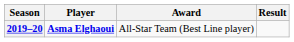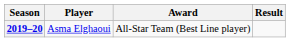 <table class="wikitable" style="text-align: center;">
 <tr>
 <th>Season</th>
 <th class="unsortable">Player</th>
 <th>Award</th>
 <th>Result</th>
 </tr>
 <tr>
 <th rowspan="2"><a href='#'>2019–20</a></th>
-<td style="text-align: left;"><strong>  <a href='#'>Asma Elghaoui</a></strong></td>
+<td style="text-align: left;">  <a href='#'>Asma Elghaoui</a></td>
 <td>All-Star Team (Best Line player)</td>
 <td></td>
 </tr>
 </table>
